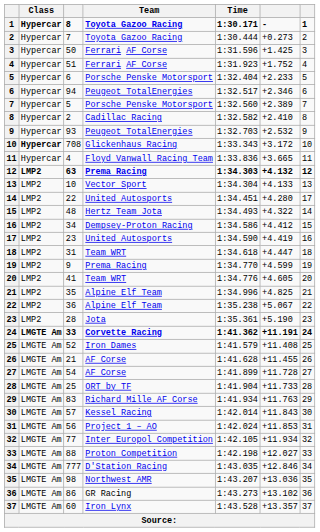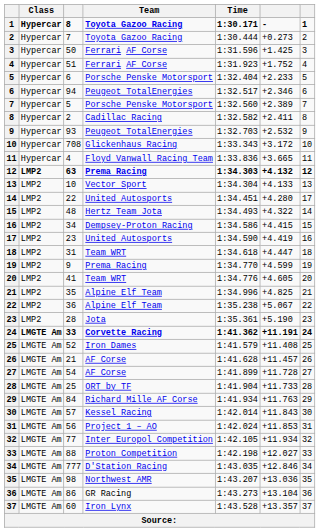 <table class="wikitable" style="font-size:85%;">
 <tr>
 <th></th>
 <th>Class</th>
 <th></th>
 <th>Team</th>
 <th>Time</th>
 <th></th>
 <th></th>
 </tr>
 <tr style="font-weight:bold">
 <th>1</th>
 <td>Hypercar</td>
 <td>8</td>
 <td> <a href='#'>Toyota Gazoo Racing</a></td>
 <td>1:30.171</td>
 <td>-</td>
 <td>1</td>
 </tr>
 <tr>
 <th>2</th>
 <td>Hypercar</td>
 <td>7</td>
 <td> <a href='#'>Toyota Gazoo Racing</a></td>
 <td>1:30.444</td>
 <td>+0.273</td>
 <td>2</td>
 </tr>
 <tr>
 <th>3</th>
 <td>Hypercar</td>
 <td>50</td>
 <td> <a href='#'>Ferrari</a> <a href='#'>AF Corse</a></td>
 <td>1:31.596</td>
 <td>+1.425</td>
 <td>3</td>
 </tr>
 <tr>
 <th>4</th>
 <td>Hypercar</td>
 <td>51</td>
 <td> <a href='#'>Ferrari</a> <a href='#'>AF Corse</a></td>
 <td>1:31.923</td>
 <td>+1.752</td>
 <td>4</td>
 </tr>
 <tr>
 <th>5</th>
 <td>Hypercar</td>
 <td>6</td>
 <td> <a href='#'>Porsche Penske Motorsport</a></td>
 <td>1:32.404</td>
 <td>+2.233</td>
 <td>5</td>
 </tr>
 <tr>
 <th>6</th>
 <td>Hypercar</td>
 <td>94</td>
 <td> <a href='#'>Peugeot TotalEnergies</a></td>
 <td>1:32.517</td>
 <td>+2.346</td>
 <td>6</td>
 </tr>
 <tr>
 <th>7</th>
 <td>Hypercar</td>
 <td>5</td>
 <td> <a href='#'>Porsche Penske Motorsport</a></td>
 <td>1:32.560</td>
 <td>+2.389</td>
 <td>7</td>
 </tr>
 <tr>
 <th>8</th>
 <td>Hypercar</td>
 <td>2</td>
 <td> <a href='#'>Cadillac Racing</a></td>
 <td>1:32.582</td>
-<td>+2.410</td>
+<td>+2.411</td>
 <td>8</td>
 </tr>
 <tr>
 <th>9</th>
 <td>Hypercar</td>
 <td>93</td>
 <td> <a href='#'>Peugeot TotalEnergies</a></td>
 <td>1:32.703</td>
 <td>+2.532</td>
 <td>9</td>
 </tr>
 <tr>
 <th>10</th>
-<td><strong>Hypercar</strong></td>
+<td>Hypercar</td>
 <td>708</td>
 <td> <a href='#'>Glickenhaus Racing</a></td>
 <td>1:33.343</td>
 <td>+3.172</td>
 <td>10</td>
 </tr>
 <tr>
 <th>11</th>
 <td>Hypercar</td>
 <td>4</td>
 <td> <a href='#'>Floyd Vanwall Racing Team</a></td>
 <td>1:33.836</td>
 <td>+3.665</td>
 <td>11</td>
 </tr>
 <tr style="font-weight:bold">
 <th>12</th>
 <td>LMP2</td>
 <td>63</td>
 <td> <a href='#'>Prema Racing</a></td>
 <td>1:34.303</td>
 <td>+4.132</td>
 <td>12</td>
 </tr>
 <tr>
 <th>13</th>
 <td>LMP2</td>
 <td>10</td>
 <td> <a href='#'>Vector Sport</a></td>
 <td>1:34.304</td>
 <td>+4.133</td>
 <td>13</td>
 </tr>
 <tr>
 <th>14</th>
 <td>LMP2</td>
 <td>22</td>
 <td> <a href='#'>United Autosports</a></td>
 <td>1:34.451</td>
 <td>+4.280</td>
 <td>17</td>
 </tr>
 <tr>
 <th>15</th>
 <td>LMP2</td>
 <td>48</td>
 <td> <a href='#'>Hertz Team Jota</a></td>
 <td>1:34.493</td>
 <td>+4.322</td>
 <td>14</td>
 </tr>
 <tr>
 <th>16</th>
 <td>LMP2</td>
 <td>34</td>
 <td> <a href='#'>Dempsey-Proton Racing</a></td>
 <td>1:34.586</td>
-<td>+4.412</td>
+<td>+4.415</td>
 <td>15</td>
 </tr>
 <tr>
 <th>17</th>
 <td>LMP2</td>
 <td>23</td>
 <td> <a href='#'>United Autosports</a></td>
 <td>1:34.590</td>
 <td>+4.419</td>
 <td>16</td>
 </tr>
 <tr>
 <th>18</th>
 <td>LMP2</td>
 <td>31</td>
 <td> <a href='#'>Team WRT</a></td>
 <td>1:34.618</td>
 <td>+4.447</td>
 <td>18</td>
 </tr>
 <tr>
 <th>19</th>
 <td>LMP2</td>
 <td>9</td>
 <td> <a href='#'>Prema Racing</a></td>
 <td>1:34.770</td>
 <td>+4.599</td>
 <td>19</td>
 </tr>
 <tr>
 <th>20</th>
 <td>LMP2</td>
 <td>41</td>
 <td> <a href='#'>Team WRT</a></td>
 <td>1:34.776</td>
 <td>+4.605</td>
 <td>20</td>
 </tr>
 <tr>
 <th>21</th>
 <td>LMP2</td>
 <td>35</td>
 <td> <a href='#'>Alpine Elf Team</a></td>
 <td>1:34.996</td>
 <td>+4.825</td>
 <td>21</td>
 </tr>
 <tr>
 <th>22</th>
 <td>LMP2</td>
 <td>36</td>
 <td> <a href='#'>Alpine Elf Team</a></td>
 <td>1:35.238</td>
 <td>+5.067</td>
 <td>22</td>
 </tr>
 <tr>
 <th>23</th>
 <td>LMP2</td>
 <td>28</td>
 <td> <a href='#'>Jota</a></td>
 <td>1:35.361</td>
 <td>+5.190</td>
 <td>23</td>
 </tr>
 <tr style="font-weight:bold">
 <th>24</th>
 <td>LMGTE Am</td>
 <td>33</td>
 <td> <a href='#'>Corvette Racing</a></td>
 <td>1:41.362</td>
 <td>+11.191</td>
 <td>24</td>
 </tr>
 <tr>
 <th>25</th>
 <td>LMGTE Am</td>
 <td>52</td>
 <td> <a href='#'>Iron Dames</a></td>
 <td>1:41.579</td>
 <td>+11.408</td>
 <td>25</td>
 </tr>
 <tr>
 <th>26</th>
 <td>LMGTE Am</td>
 <td>21</td>
 <td> <a href='#'>AF Corse</a></td>
 <td>1:41.628</td>
-<td>+11.455</td>
+<td>+11.457</td>
 <td>26</td>
 </tr>
 <tr>
 <th>27</th>
 <td>LMGTE Am</td>
 <td>54</td>
 <td> <a href='#'>AF Corse</a></td>
 <td>1:41.899</td>
 <td>+11.728</td>
 <td>27</td>
 </tr>
 <tr>
 <th>28</th>
 <td>LMGTE Am</td>
 <td>25</td>
 <td> <a href='#'>ORT by TF</a></td>
 <td>1:41.904</td>
 <td>+11.733</td>
 <td>28</td>
 </tr>
 <tr>
 <th>29</th>
 <td>LMGTE Am</td>
-<td>83</td>
+<td>84</td>
 <td> <a href='#'>Richard Mille AF Corse</a></td>
 <td>1:41.934</td>
 <td>+11.763</td>
 <td>29</td>
 </tr>
 <tr>
 <th>30</th>
 <td>LMGTE Am</td>
 <td>57</td>
 <td> <a href='#'>Kessel Racing</a></td>
 <td>1:42.014</td>
 <td>+11.843</td>
 <td>30</td>
 </tr>
 <tr>
 <th>31</th>
 <td>LMGTE Am</td>
 <td>56</td>
 <td> <a href='#'>Project 1 – AO</a></td>
 <td>1:42.024</td>
 <td>+11.853</td>
 <td>31</td>
 </tr>
 <tr>
 <th>32</th>
 <td>LMGTE Am</td>
 <td>77</td>
 <td> <a href='#'>Inter Europol Competition</a></td>
 <td>1:42.105</td>
 <td>+11.934</td>
 <td>32</td>
 </tr>
 <tr>
 <th>33</th>
 <td>LMGTE Am</td>
 <td>88</td>
 <td> <a href='#'>Proton Competition</a></td>
 <td>1:42.198</td>
 <td>+12.027</td>
 <td>33</td>
 </tr>
 <tr>
 <th>34</th>
 <td>LMGTE Am</td>
 <td>777</td>
 <td> <a href='#'>D'Station Racing</a></td>
 <td>1:43.035</td>
 <td>+12.846</td>
 <td>34</td>
 </tr>
 <tr>
 <th>35</th>
 <td>LMGTE Am</td>
 <td>98</td>
 <td> <a href='#'>Northwest AMR</a></td>
 <td>1:43.207</td>
 <td>+13.036</td>
 <td>35</td>
 </tr>
 <tr>
 <th>36</th>
 <td>LMGTE Am</td>
 <td>86</td>
 <td> GR Racing</td>
 <td>1:43.273</td>
-<td>+13.102</td>
+<td>+13.104</td>
 <td>36</td>
 </tr>
 <tr>
 <th>37</th>
 <td>LMGTE Am</td>
 <td>60</td>
 <td> <a href='#'>Iron Lynx</a></td>
 <td>1:43.528</td>
 <td>+13.357</td>
 <td>37</td>
 </tr>
 <tr>
 <th colspan="7">Source:</th>
 </tr>
 </table>
